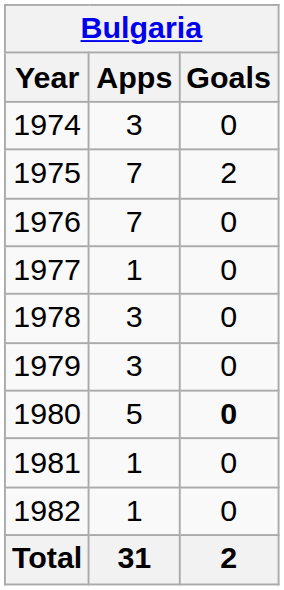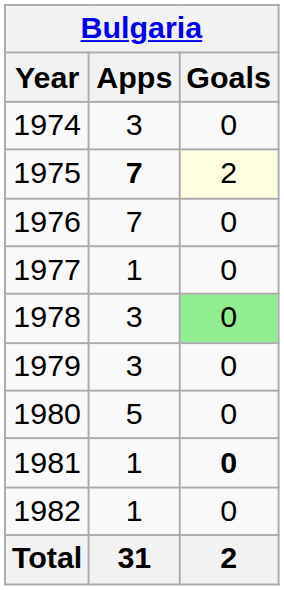 <table class="wikitable" style="text-align:center">
 <tr>
 <th colspan=3><a href='#'>Bulgaria</a></th>
 </tr>
 <tr>
 <th>Year</th>
 <th>Apps</th>
 <th>Goals</th>
 </tr>
 <tr>
 <td>1974</td>
 <td>3</td>
 <td>0</td>
 </tr>
 <tr>
 <td>1975</td>
-<td>7</td>
-<td>2</td>
+<td><strong>7</strong></td>
+<td style="background: lightyellow;">2</td>
 </tr>
 <tr>
 <td>1976</td>
 <td>7</td>
 <td>0</td>
 </tr>
 <tr>
 <td>1977</td>
 <td>1</td>
 <td>0</td>
 </tr>
 <tr>
 <td>1978</td>
 <td>3</td>
-<td>0</td>
+<td style="background: lightgreen;">0</td>
 </tr>
 <tr>
 <td>1979</td>
 <td>3</td>
 <td>0</td>
 </tr>
 <tr>
 <td>1980</td>
 <td>5</td>
-<td><strong>0</strong></td>
+<td>0</td>
 </tr>
 <tr>
 <td>1981</td>
 <td>1</td>
-<td>0</td>
+<td><strong>0</strong></td>
 </tr>
 <tr>
 <td>1982</td>
 <td>1</td>
 <td>0</td>
 </tr>
 <tr>
 <th>Total</th>
 <th>31</th>
 <th>2</th>
 </tr>
 </table>
